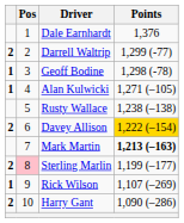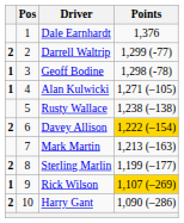 <table class="wikitable" style="font-size: 95%;">
 <tr>
 <th></th>
 <th>Pos</th>
 <th>Driver</th>
 <th>Points</th>
 </tr>
 <tr>
 <td align="left"></td>
 <td style="text-align:center;">1</td>
 <td><a href='#'>Dale Earnhardt</a></td>
 <td style="text-align:center;">1,376</td>
 </tr>
 <tr>
 <td align="left">  <strong>2</strong></td>
 <td style="text-align:center;">2</td>
 <td><a href='#'>Darrell Waltrip</a></td>
 <td style="text-align:center;">1,299 (-77)</td>
 </tr>
 <tr>
 <td align="left">  <strong>1</strong></td>
 <td style="text-align:center;">3</td>
 <td><a href='#'>Geoff Bodine</a></td>
 <td style="text-align:center;">1,298 (-78)</td>
 </tr>
 <tr>
 <td align="left">  <strong>1</strong></td>
 <td style="text-align:center;">4</td>
 <td><a href='#'>Alan Kulwicki</a></td>
 <td style="text-align:center;">1,271 (–105)</td>
 </tr>
 <tr>
 <td align="left"></td>
 <td style="text-align:center;">5</td>
 <td><a href='#'>Rusty Wallace</a></td>
 <td style="text-align:center;">1,238 (–138)</td>
 </tr>
 <tr>
 <td align="left">  <strong>2</strong></td>
 <td style="text-align:center;">6</td>
 <td><a href='#'>Davey Allison</a></td>
 <td style="background: gold; text-align:center;">1,222 (–154)</td>
 </tr>
 <tr>
 <td align="left"></td>
 <td style="text-align:center;">7</td>
 <td><a href='#'>Mark Martin</a></td>
-<td style="text-align:center;"><strong>1,213 (–163)</strong></td>
+<td style="text-align:center;">1,213 (–163)</td>
 </tr>
 <tr>
 <td align="left">  <strong>2</strong></td>
-<td style="background: pink; text-align:center;">8</td>
+<td style="text-align:center;">8</td>
 <td><a href='#'>Sterling Marlin</a></td>
 <td style="text-align:center;">1,199 (–177)</td>
 </tr>
 <tr>
 <td align="left">  <strong>1</strong></td>
 <td style="text-align:center;">9</td>
 <td><a href='#'>Rick Wilson</a></td>
-<td style="text-align:center;">1,107 (–269)</td>
+<td style="background: gold; text-align:center;">1,107 (–269)</td>
 </tr>
 <tr>
 <td align="left">  <strong>2</strong></td>
 <td style="text-align:center;">10</td>
 <td><a href='#'>Harry Gant</a></td>
 <td style="text-align:center;">1,090 (–286)</td>
 </tr>
 <tr class="sortbottom">
 <th colspan="9"></th>
 </tr>
 </table>
